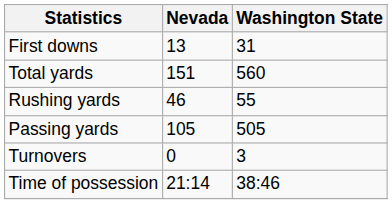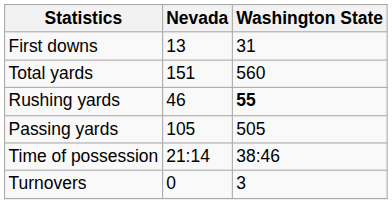 <table class="wikitable">
 <tr>
 <th>Statistics</th>
 <th>Nevada</th>
 <th>Washington State</th>
 </tr>
 <tr>
 <td>First downs</td>
 <td>13</td>
 <td>31</td>
 </tr>
 <tr>
 <td>Total yards</td>
 <td>151</td>
 <td>560</td>
 </tr>
 <tr>
 <td>Rushing yards</td>
 <td>46</td>
-<td>55</td>
+<td><strong>55</strong></td>
 </tr>
 <tr>
 <td>Passing yards</td>
 <td>105</td>
 <td>505</td>
 </tr>
 <tr>
+<td>Time of possession</td>
+<td>21:14</td>
+<td>38:46</td>
+</tr>
+<tr>
 <td>Turnovers</td>
 <td>0</td>
 <td>3</td>
 </tr>
 <tr>
-<td>Time of possession</td>
-<td>21:14</td>
-<td>38:46</td>
-</tr>
-<tr>
 </tr>
 </table>
